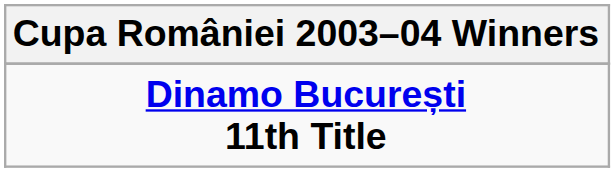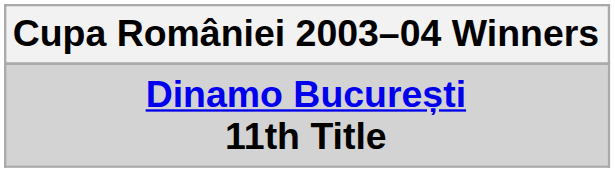 <table class="wikitable" style="text-align: center; margin: 0 auto;">
 <tr>
 <th>Cupa României 2003–04 Winners</th>
 </tr>
 <tr>
 </tr>
 <tr>
-<td><strong><a href='#'>Dinamo București</a></strong><br><strong>11th Title</strong></td>
+<td style="background: lightgrey;"><strong><a href='#'>Dinamo București</a></strong><br><strong>11th Title</strong></td>
 </tr>
 </table>
